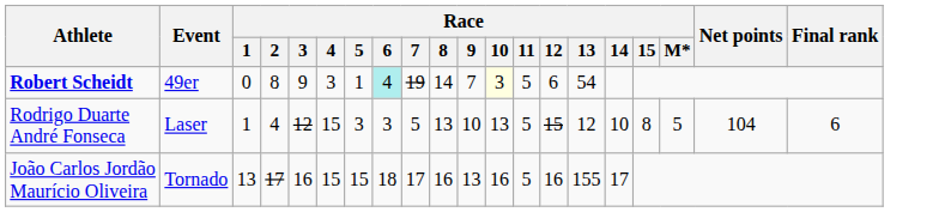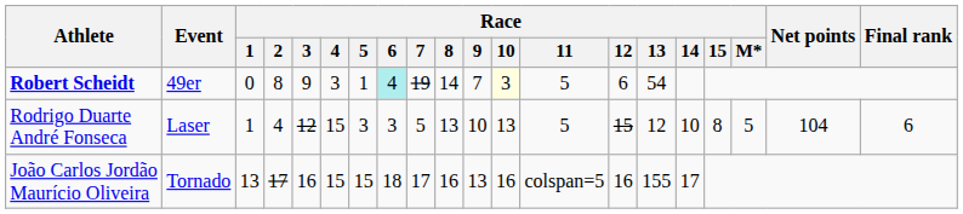 <table class="wikitable" style="font-size:90%">
 <tr>
 <th rowspan=2>Athlete</th>
 <th rowspan=2>Event</th>
 <th colspan=16>Race</th>
 <th rowspan=2>Net points</th>
 <th rowspan=2>Final rank</th>
 </tr>
 <tr style="font-size:95%">
 <th>1</th>
 <th>2</th>
 <th>3</th>
 <th>4</th>
 <th>5</th>
 <th>6</th>
 <th>7</th>
 <th>8</th>
 <th>9</th>
 <th>10</th>
 <th>11</th>
 <th>12</th>
 <th>13</th>
 <th>14</th>
 <th>15</th>
 <th>M*</th>
 </tr>
 <tr align=center>
 <td align=left><strong><a href='#'>Robert Scheidt</a></strong></td>
 <td align=left><a href='#'>49er</a></td>
 <td>0</td>
 <td>8</td>
 <td>9</td>
 <td>3</td>
 <td>1</td>
 <td style="background: paleturquoise;">4</td>
 <td><s>19</s></td>
 <td>14</td>
 <td>7</td>
 <td style="background: lightyellow;">3</td>
 <td>5</td>
 <td>6</td>
 <td>54</td>
 <td></td>
 </tr>
 <tr align=center>
 <td align=left><a href='#'>Rodrigo Duarte</a><br><a href='#'>André Fonseca</a></td>
 <td align=left><a href='#'>Laser</a></td>
 <td>1</td>
 <td>4</td>
 <td><s>12</s></td>
 <td>15</td>
 <td>3</td>
 <td>3</td>
 <td>5</td>
 <td>13</td>
 <td>10</td>
 <td>13</td>
 <td>5</td>
 <td><s>15</s></td>
 <td>12</td>
 <td>10</td>
 <td>8</td>
 <td>5</td>
 <td>104</td>
 <td>6</td>
 </tr>
 <tr align=center>
 <td align=left><a href='#'>João Carlos Jordão</a><br><a href='#'>Maurício Oliveira</a></td>
 <td align=left><a href='#'>Tornado</a></td>
 <td>13</td>
 <td><s>17</s></td>
 <td>16</td>
 <td>15</td>
 <td>15</td>
 <td>18</td>
 <td>17</td>
 <td>16</td>
 <td>13</td>
 <td>16</td>
-<td>5</td>
+<td>colspan=5 </td>
 <td>16</td>
 <td>155</td>
 <td>17</td>
 </tr>
 </table>
